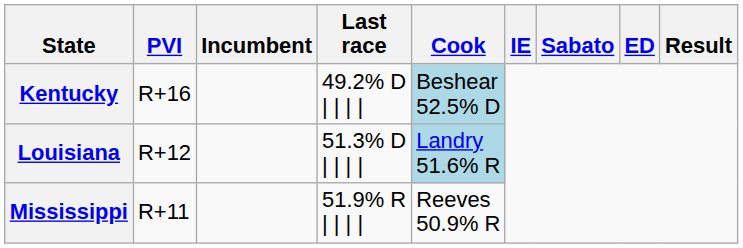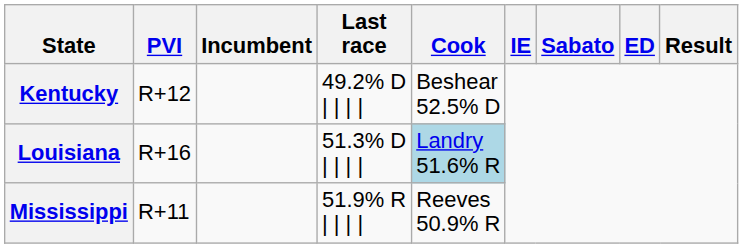 <table class="wikitable sortable">
 <tr valign=bottom>
 <th>State</th>
 <th><a href='#'>PVI</a></th>
 <th>Incumbent</th>
 <th>Last<br>race</th>
 <th scope="col"><a href='#'>Cook</a><br></th>
 <th><a href='#'>IE</a><br></th>
 <th><a href='#'>Sabato</a><br></th>
 <th><a href='#'>ED</a><br></th>
 <th>Result<br></th>
 </tr>
 <tr>
 <th><a href='#'>Kentucky</a></th>
-<td>R+16</td>
+<td>R+12</td>
 <td></td>
 <td>49.2% D<br>|  |  | |</td>
-<td style="background: lightblue;">Beshear<br>52.5% D</td>
+<td>Beshear<br>52.5% D</td>
 </tr>
 <tr>
 <th><a href='#'>Louisiana</a></th>
-<td>R+12</td>
+<td>R+16</td>
 <td><br></td>
 <td>51.3% D<br>|  |  | |</td>
 <td style="background: lightblue;"><a href='#'>Landry</a><br>51.6% R </td>
 </tr>
 <tr>
 <th><a href='#'>Mississippi</a></th>
 <td>R+11</td>
 <td></td>
 <td>51.9% R<br>|  |  | |</td>
 <td>Reeves<br>50.9% R</td>
 </tr>
 </table>
